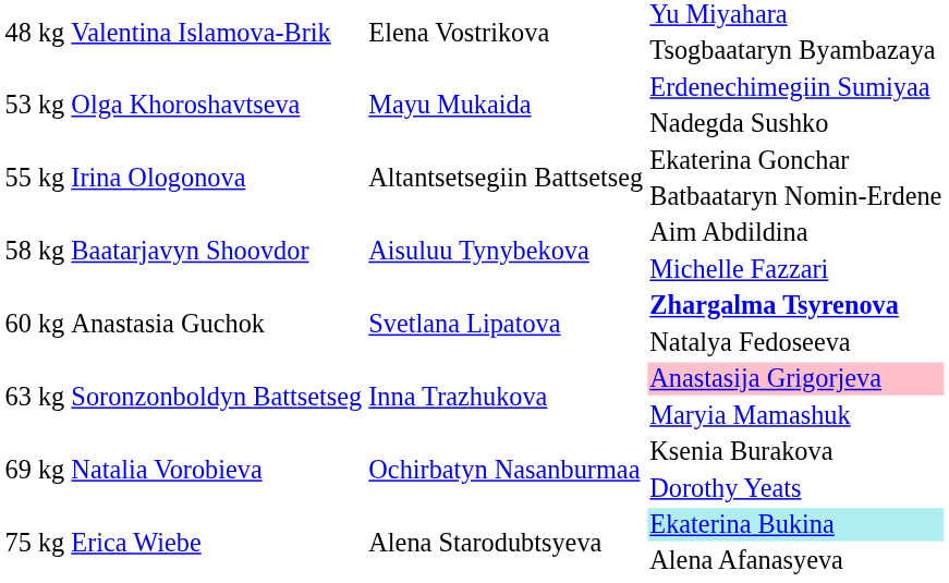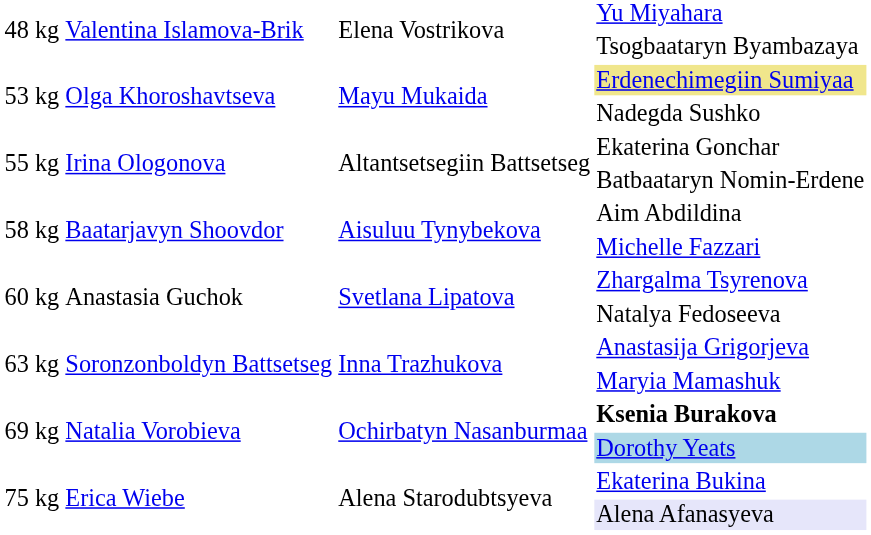 <table>
 <tr>
 <td rowspan=2>48 kg<br></td>
 <td rowspan=2> <a href='#'>Valentina Islamova-Brik</a></td>
 <td rowspan=2> Elena Vostrikova</td>
 <td> <a href='#'>Yu Miyahara</a></td>
 </tr>
 <tr>
 <td> Tsogbaataryn Byambazaya</td>
 </tr>
 <tr>
 <td rowspan=2>53 kg<br></td>
 <td rowspan=2> <a href='#'>Olga Khoroshavtseva</a></td>
 <td rowspan=2> <a href='#'>Mayu Mukaida</a></td>
-<td> <a href='#'>Erdenechimegiin Sumiyaa</a></td>
+<td style="background: khaki;"> <a href='#'>Erdenechimegiin Sumiyaa</a></td>
 </tr>
 <tr>
 <td> Nadegda Sushko</td>
 </tr>
 <tr>
 <td rowspan=2>55 kg<br></td>
 <td rowspan=2> <a href='#'>Irina Ologonova</a></td>
 <td rowspan=2> Altantsetsegiin Battsetseg</td>
 <td> Ekaterina Gonchar</td>
 </tr>
 <tr>
 <td> Batbaataryn Nomin-Erdene</td>
 </tr>
 <tr>
 <td rowspan=2>58 kg<br></td>
 <td rowspan=2> <a href='#'>Baatarjavyn Shoovdor</a></td>
 <td rowspan=2> <a href='#'>Aisuluu Tynybekova</a></td>
 <td> Aim Abdildina</td>
 </tr>
 <tr>
 <td> <a href='#'>Michelle Fazzari</a></td>
 </tr>
 <tr>
 <td rowspan=2>60 kg<br></td>
 <td rowspan=2> Anastasia Guchok</td>
 <td rowspan=2> <a href='#'>Svetlana Lipatova</a></td>
-<td><strong> <a href='#'>Zhargalma Tsyrenova</a></strong></td>
+<td> <a href='#'>Zhargalma Tsyrenova</a></td>
 </tr>
 <tr>
 <td> Natalya Fedoseeva</td>
 </tr>
 <tr>
 <td rowspan=2>63 kg<br></td>
 <td rowspan=2> <a href='#'>Soronzonboldyn Battsetseg</a></td>
 <td rowspan=2> <a href='#'>Inna Trazhukova</a></td>
-<td style="background: pink;"> <a href='#'>Anastasija Grigorjeva</a></td>
+<td> <a href='#'>Anastasija Grigorjeva</a></td>
 </tr>
 <tr>
 <td> <a href='#'>Maryia Mamashuk</a></td>
 </tr>
 <tr>
 <td rowspan=2>69 kg<br></td>
 <td rowspan=2> <a href='#'>Natalia Vorobieva</a></td>
 <td rowspan=2> <a href='#'>Ochirbatyn Nasanburmaa</a></td>
-<td> Ksenia Burakova</td>
+<td><strong> Ksenia Burakova</strong></td>
 </tr>
 <tr>
-<td> <a href='#'>Dorothy Yeats</a></td>
+<td style="background: lightblue;"> <a href='#'>Dorothy Yeats</a></td>
 </tr>
 <tr>
 <td rowspan=2>75 kg<br></td>
 <td rowspan=2> <a href='#'>Erica Wiebe</a></td>
 <td rowspan=2> Alena Starodubtsyeva</td>
-<td style="background: paleturquoise;"> <a href='#'>Ekaterina Bukina</a></td>
+<td> <a href='#'>Ekaterina Bukina</a></td>
 </tr>
 <tr>
-<td> Alena Afanasyeva</td>
+<td style="background: lavender;"> Alena Afanasyeva</td>
 </tr>
 </table>
